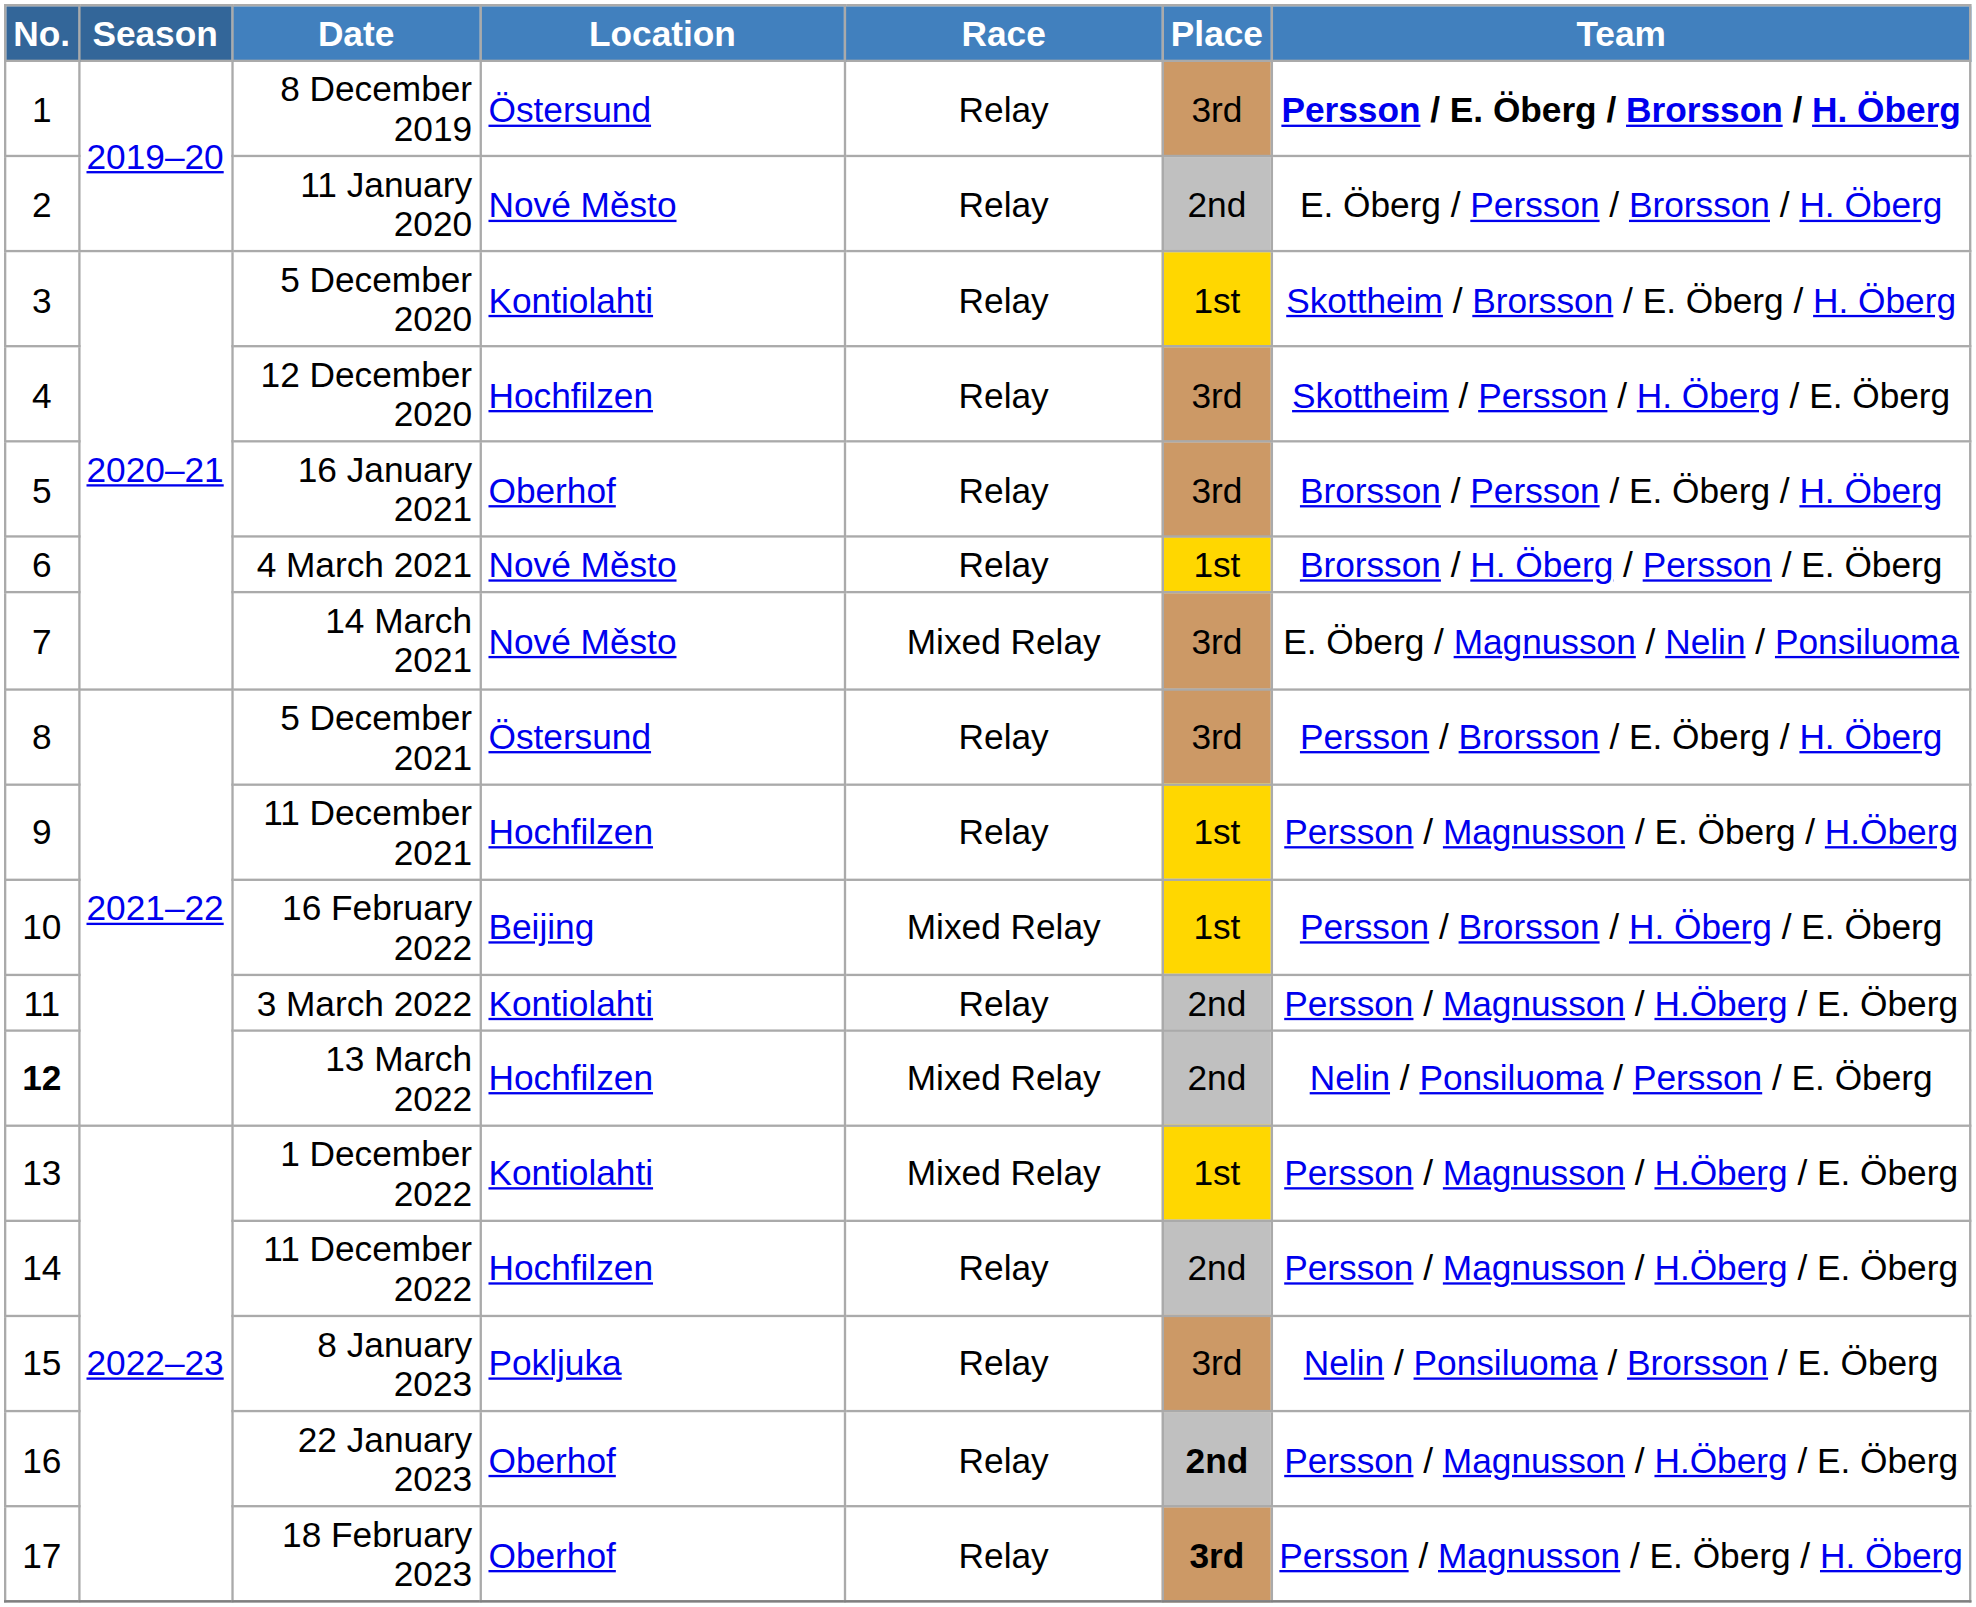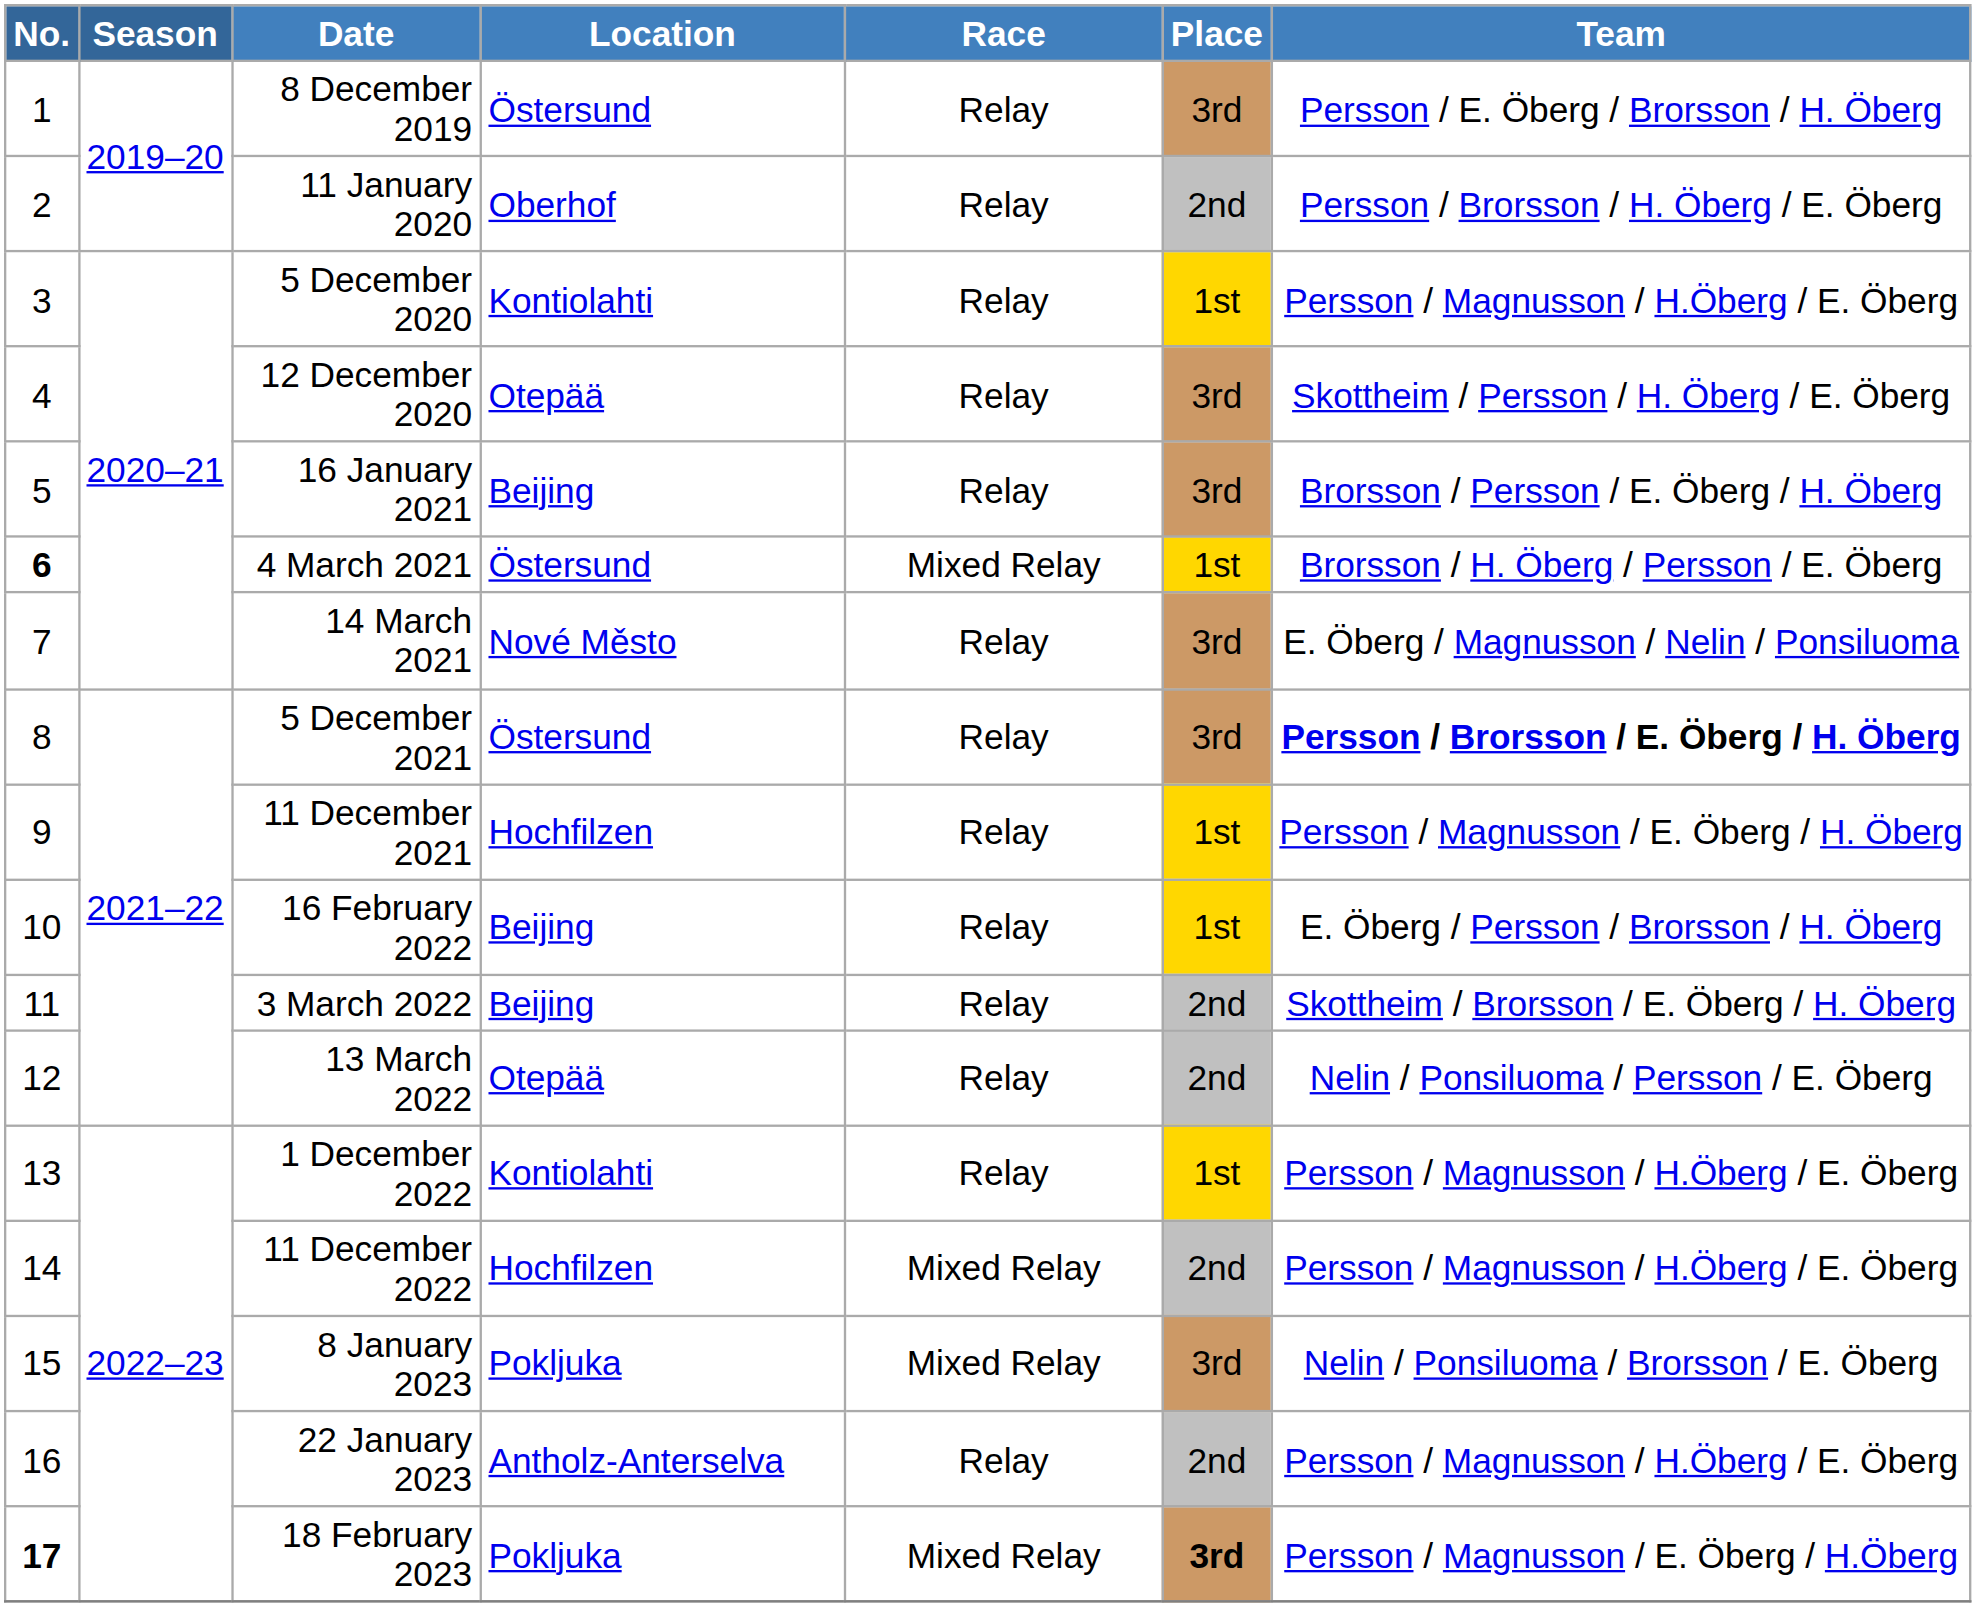 <table class="wikitable sortable" style="font-size:95%; text-align:center; border:grey solid 1px; border-collapse:collapse; background:#ffffff;">
 <tr style="background:#efefef;">
 <th style="background-color:#369; color:white;">No.</th>
 <th style="background-color:#369; color:white;">Season</th>
 <th style="background-color:#4180be; color:white; width:100px;">Date</th>
 <th style="background-color:#4180be; color:white; width:150px;">Location</th>
 <th style="background-color:#4180be; color:white; width:130px;">Race</th>
 <th style="background-color:#4180be; color:white;">Place</th>
 <th style="background-color:#4180be; color:white;">Team</th>
 </tr>
 <tr>
 <td align=center>1</td>
 <td rowspan=2 align=center><a href='#'>2019–20</a></td>
 <td align=right>8 December 2019</td>
 <td align=left> <a href='#'>Östersund</a></td>
 <td>Relay</td>
 <td bgcolor="cc9966">3rd</td>
-<td><strong><a href='#'>Persson</a> / E. Öberg / <a href='#'>Brorsson</a> / <a href='#'>H. Öberg</a></strong></td>
+<td><a href='#'>Persson</a> / E. Öberg / <a href='#'>Brorsson</a> / <a href='#'>H. Öberg</a></td>
 </tr>
 <tr>
 <td align=center>2</td>
 <td align=right>11 January 2020</td>
-<td align=left> <a href='#'>Nové Město</a></td>
+<td align=left> <a href='#'>Oberhof</a></td>
 <td>Relay</td>
 <td bgcolor="silver">2nd</td>
-<td>E. Öberg / <a href='#'>Persson</a> / <a href='#'>Brorsson</a> / <a href='#'>H. Öberg</a></td>
+<td><a href='#'>Persson</a> / <a href='#'>Brorsson</a> / <a href='#'>H. Öberg</a> / E. Öberg</td>
 </tr>
 <tr>
 <td align=center>3</td>
 <td rowspan=5 align=center><a href='#'>2020–21</a></td>
 <td align=right>5 December 2020</td>
 <td align=left> <a href='#'>Kontiolahti</a></td>
 <td>Relay</td>
 <td bgcolor="gold">1st</td>
-<td><a href='#'>Skottheim</a> / <a href='#'>Brorsson</a> / E. Öberg / <a href='#'>H. Öberg</a></td>
+<td><a href='#'>Persson</a> / <a href='#'>Magnusson</a> / <a href='#'>H.Öberg</a> / E. Öberg</td>
 </tr>
 <tr>
 <td align=center>4</td>
 <td align=right>12 December 2020</td>
-<td align=left> <a href='#'>Hochfilzen</a></td>
+<td align=left> <a href='#'>Otepää</a></td>
 <td>Relay</td>
 <td bgcolor="cc9966">3rd</td>
 <td><a href='#'>Skottheim</a> / <a href='#'>Persson</a> / <a href='#'>H. Öberg</a> / E. Öberg</td>
 </tr>
 <tr>
 <td align=center>5</td>
 <td align=right>16 January 2021</td>
-<td align=left> <a href='#'>Oberhof</a></td>
+<td align=left> <a href='#'>Beijing</a></td>
 <td>Relay</td>
 <td bgcolor="cc9966">3rd</td>
 <td><a href='#'>Brorsson</a> / <a href='#'>Persson</a> / E. Öberg / <a href='#'>H. Öberg</a></td>
 </tr>
 <tr>
-<td align=center>6</td>
+<td align=center><strong>6</strong></td>
 <td align=right>4 March 2021</td>
-<td align=left> <a href='#'>Nové Město</a></td>
-<td>Relay</td>
+<td align=left> <a href='#'>Östersund</a></td>
+<td>Mixed Relay</td>
 <td bgcolor="gold">1st</td>
 <td><a href='#'>Brorsson</a> / <a href='#'>H. Öberg</a> / <a href='#'>Persson</a> / E. Öberg</td>
 </tr>
 <tr>
 <td align=center>7</td>
 <td align=right>14 March 2021</td>
 <td align=left> <a href='#'>Nové Město</a></td>
-<td>Mixed Relay</td>
+<td>Relay</td>
 <td bgcolor="cc9966">3rd</td>
 <td>E. Öberg / <a href='#'>Magnusson</a> / <a href='#'>Nelin</a> / <a href='#'>Ponsiluoma</a></td>
 </tr>
 <tr>
 <td align=center>8</td>
 <td rowspan=5 align=center><a href='#'>2021–22</a></td>
 <td align=right>5 December 2021</td>
 <td align=left> <a href='#'>Östersund</a></td>
 <td>Relay</td>
 <td bgcolor="cc9966">3rd</td>
-<td><a href='#'>Persson</a> / <a href='#'>Brorsson</a> / E. Öberg / <a href='#'>H. Öberg</a></td>
+<td><strong><a href='#'>Persson</a> / <a href='#'>Brorsson</a> / E. Öberg / <a href='#'>H. Öberg</a></strong></td>
 </tr>
 <tr>
 <td align=center>9</td>
 <td align=right>11 December 2021</td>
 <td align=left> <a href='#'>Hochfilzen</a></td>
 <td>Relay</td>
 <td bgcolor="gold">1st</td>
-<td><a href='#'>Persson</a> / <a href='#'>Magnusson</a> / E. Öberg / <a href='#'>H.Öberg</a></td>
+<td><a href='#'>Persson</a> / <a href='#'>Magnusson</a> / E. Öberg / <a href='#'>H. Öberg</a></td>
 </tr>
 <tr>
 <td align=center>10</td>
 <td align=right>16 February 2022</td>
 <td align=left> <a href='#'>Beijing</a></td>
-<td>Mixed Relay</td>
+<td>Relay</td>
 <td bgcolor="gold">1st</td>
-<td><a href='#'>Persson</a> / <a href='#'>Brorsson</a> / <a href='#'>H. Öberg</a> / E. Öberg</td>
+<td>E. Öberg / <a href='#'>Persson</a> / <a href='#'>Brorsson</a> / <a href='#'>H. Öberg</a></td>
 </tr>
 <tr>
 <td align=center>11</td>
 <td align=right>3 March 2022</td>
-<td align=left> <a href='#'>Kontiolahti</a></td>
+<td align=left> <a href='#'>Beijing</a></td>
 <td>Relay</td>
 <td bgcolor="silver">2nd</td>
-<td><a href='#'>Persson</a> / <a href='#'>Magnusson</a> / <a href='#'>H.Öberg</a> / E. Öberg</td>
+<td><a href='#'>Skottheim</a> / <a href='#'>Brorsson</a> / E. Öberg / <a href='#'>H. Öberg</a></td>
 </tr>
 <tr>
-<td align=center><strong>12</strong></td>
+<td align=center>12</td>
 <td align=right>13 March 2022</td>
-<td align=left> <a href='#'>Hochfilzen</a></td>
-<td>Mixed Relay</td>
+<td align=left> <a href='#'>Otepää</a></td>
+<td>Relay</td>
 <td bgcolor="silver">2nd</td>
 <td><a href='#'>Nelin</a> / <a href='#'>Ponsiluoma</a> / <a href='#'>Persson</a> / E. Öberg</td>
 </tr>
 <tr>
 <td align=center>13</td>
 <td rowspan=5 align=center><a href='#'>2022–23</a></td>
 <td align=right>1 December 2022</td>
 <td align=left> <a href='#'>Kontiolahti</a></td>
-<td>Mixed Relay</td>
+<td>Relay</td>
 <td bgcolor="gold">1st</td>
 <td><a href='#'>Persson</a> / <a href='#'>Magnusson</a> / <a href='#'>H.Öberg</a> / E. Öberg</td>
 </tr>
 <tr>
 <td align=center>14</td>
 <td align=right>11 December 2022</td>
 <td align=left> <a href='#'>Hochfilzen</a></td>
-<td>Relay</td>
+<td>Mixed Relay</td>
 <td bgcolor="silver">2nd</td>
 <td><a href='#'>Persson</a> / <a href='#'>Magnusson</a> / <a href='#'>H.Öberg</a> / E. Öberg</td>
 </tr>
 <tr>
 <td align=center>15</td>
 <td align=right>8 January 2023</td>
 <td align=left> <a href='#'>Pokljuka</a></td>
-<td>Relay</td>
+<td>Mixed Relay</td>
 <td bgcolor="cc9966">3rd</td>
 <td><a href='#'>Nelin</a> / <a href='#'>Ponsiluoma</a> / <a href='#'>Brorsson</a> / E. Öberg</td>
 </tr>
 <tr>
 <td align=center>16</td>
 <td align=right>22 January 2023</td>
-<td align=left> <a href='#'>Oberhof</a></td>
+<td align=left> <a href='#'>Antholz-Anterselva</a></td>
 <td>Relay</td>
-<td bgcolor="silver"><strong>2nd</strong></td>
+<td bgcolor="silver">2nd</td>
 <td><a href='#'>Persson</a> / <a href='#'>Magnusson</a> / <a href='#'>H.Öberg</a> / E. Öberg</td>
 </tr>
 <tr>
-<td align=center>17</td>
+<td align=center><strong>17</strong></td>
 <td align=right>18 February 2023</td>
-<td align=left> <a href='#'>Oberhof</a></td>
-<td>Relay</td>
+<td align=left> <a href='#'>Pokljuka</a></td>
+<td>Mixed Relay</td>
 <td bgcolor="cc9966"><strong>3rd</strong></td>
-<td><a href='#'>Persson</a> / <a href='#'>Magnusson</a> / E. Öberg / <a href='#'>H. Öberg</a></td>
+<td><a href='#'>Persson</a> / <a href='#'>Magnusson</a> / E. Öberg / <a href='#'>H.Öberg</a></td>
 </tr>
 <tr>
 </tr>
 </table>
